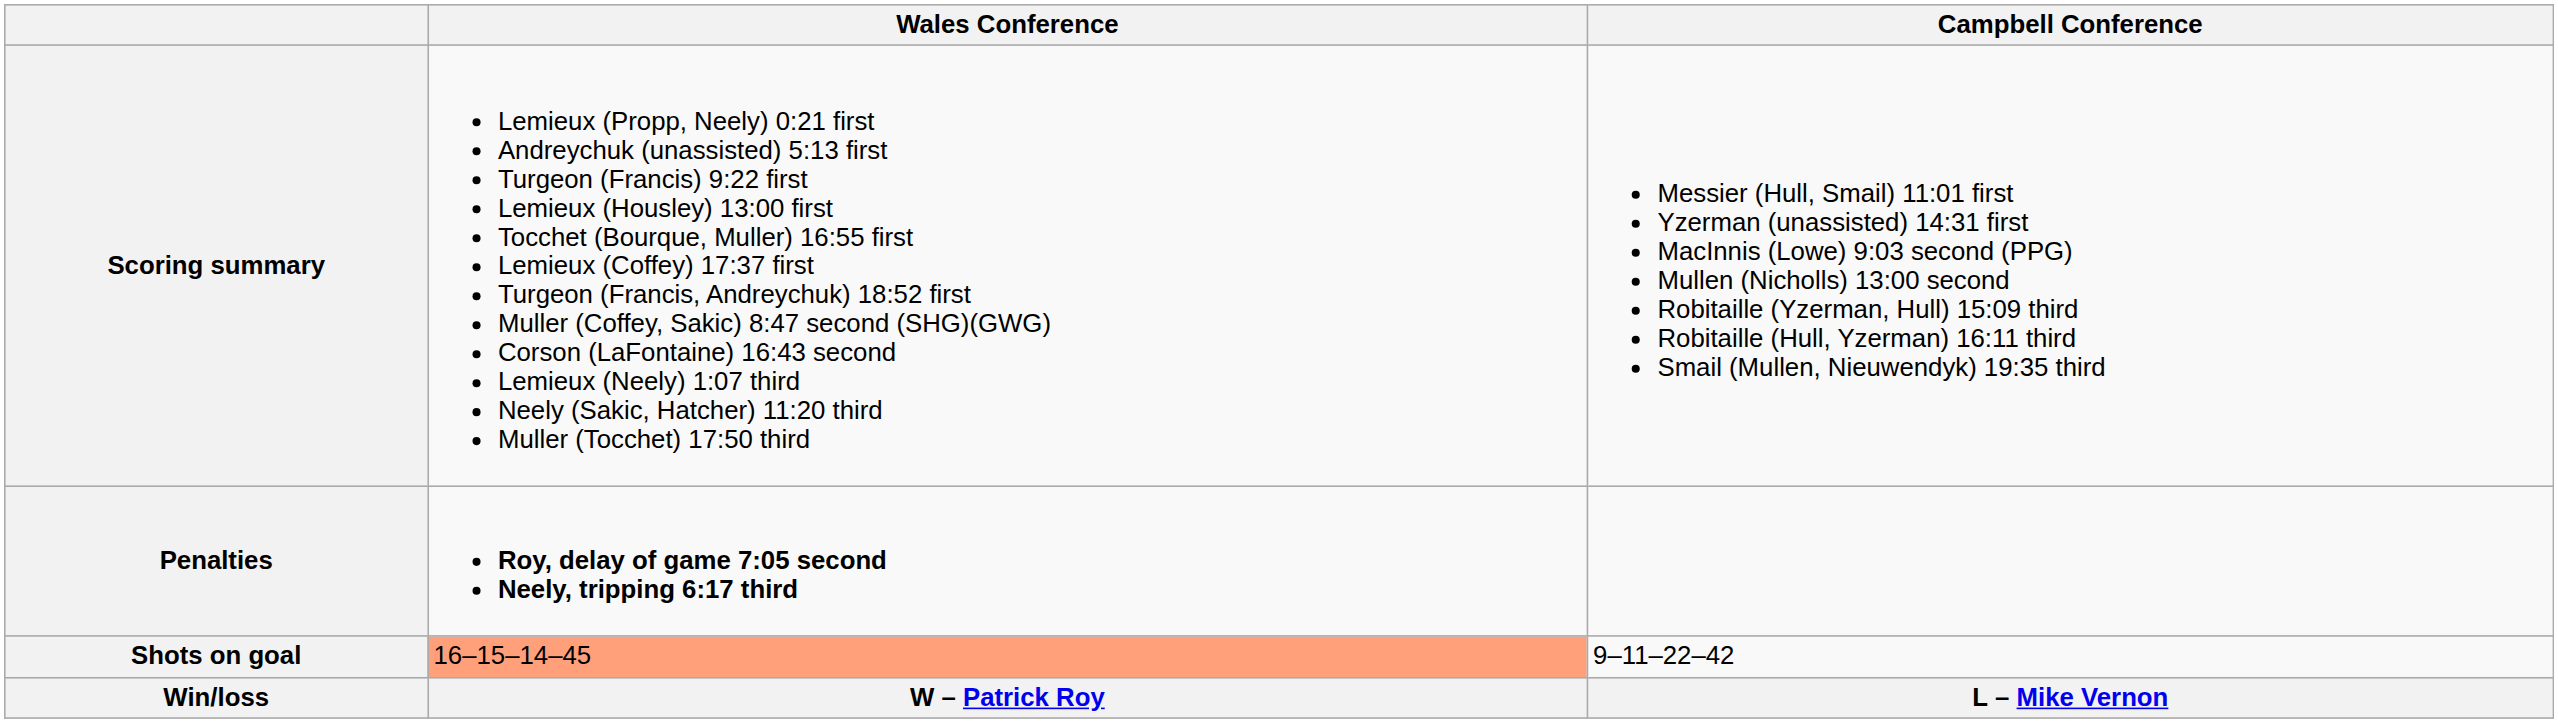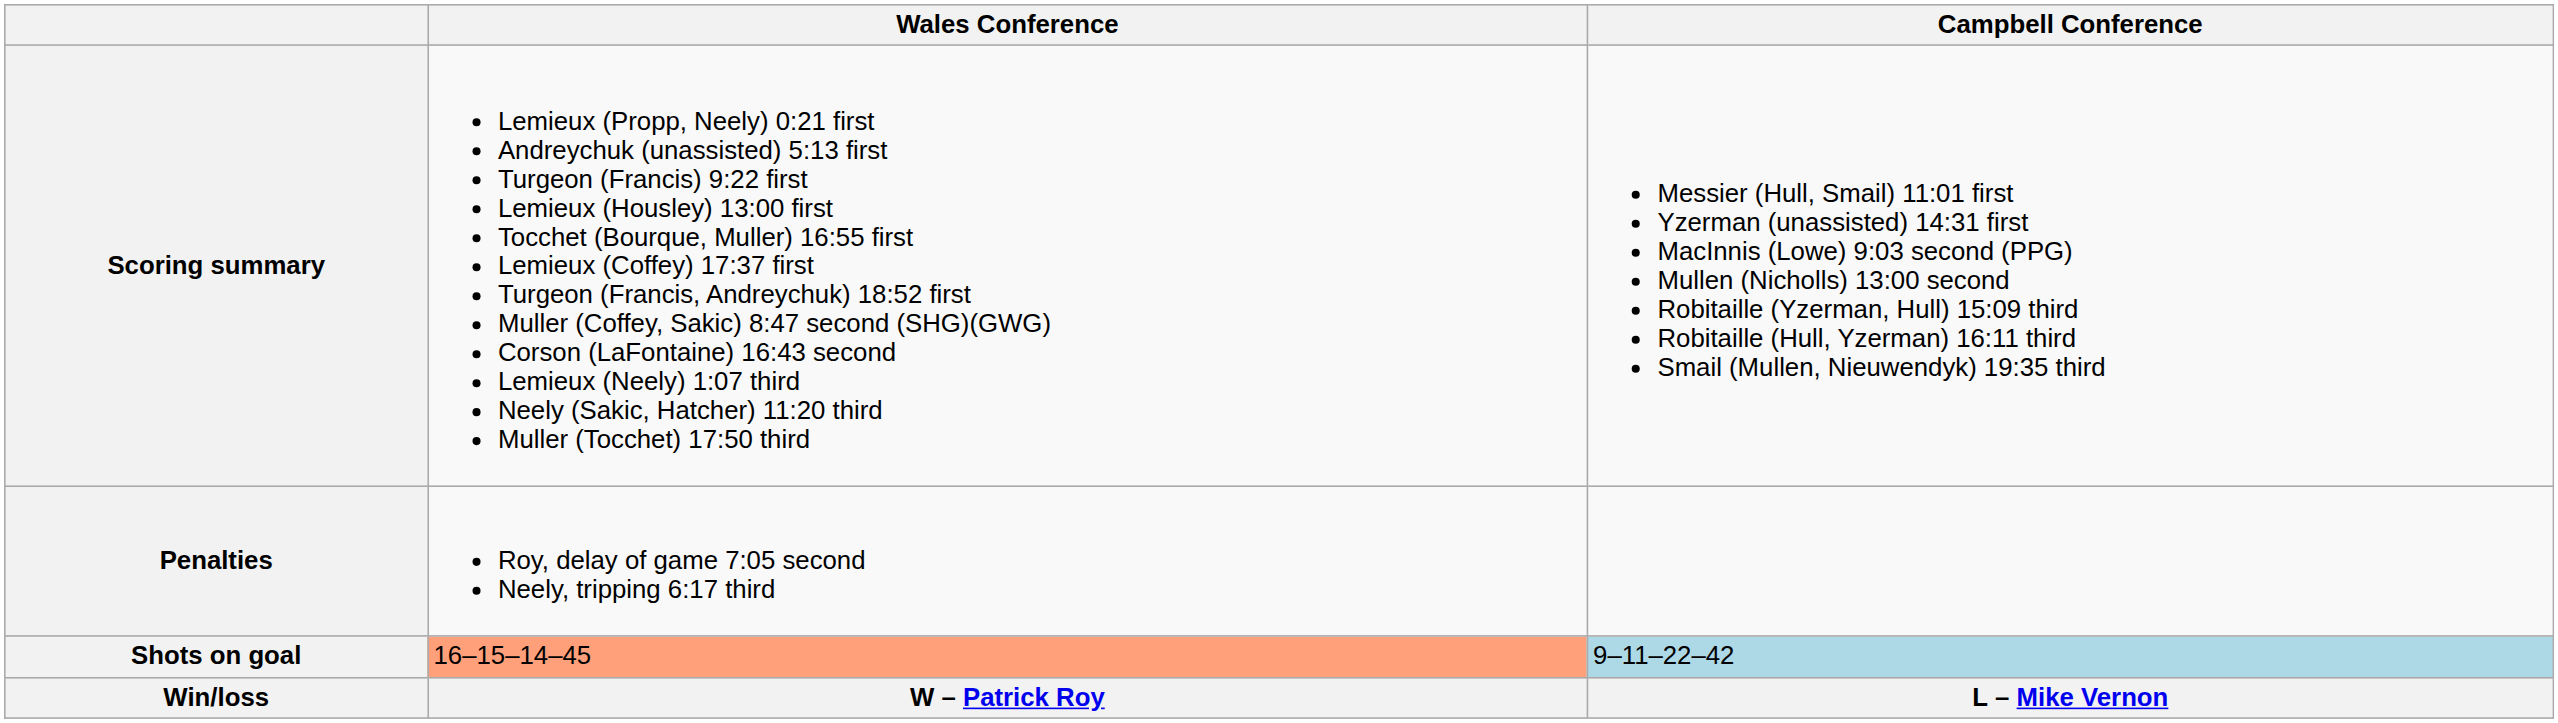 <table class="wikitable" style="width:100%">
 <tr>
 <th></th>
 <th>Wales Conference</th>
 <th>Campbell Conference</th>
 </tr>
 <tr>
 <th>Scoring summary</th>
 <td><br><ul><li>Lemieux (Propp, Neely) 0:21 first</li><li>Andreychuk (unassisted) 5:13 first</li><li>Turgeon (Francis) 9:22 first</li><li>Lemieux (Housley) 13:00 first</li><li>Tocchet (Bourque, Muller) 16:55 first</li><li>Lemieux (Coffey) 17:37 first</li><li>Turgeon (Francis, Andreychuk) 18:52 first</li><li>Muller (Coffey, Sakic) 8:47 second (SHG)(GWG)</li><li>Corson (LaFontaine) 16:43 second</li><li>Lemieux (Neely) 1:07 third</li><li>Neely (Sakic, Hatcher) 11:20 third</li><li>Muller (Tocchet) 17:50 third</li></ul></td>
 <td><br><ul><li>Messier (Hull, Smail) 11:01 first</li><li>Yzerman (unassisted) 14:31 first</li><li>MacInnis (Lowe) 9:03 second (PPG)</li><li>Mullen (Nicholls) 13:00 second</li><li>Robitaille (Yzerman, Hull) 15:09 third</li><li>Robitaille (Hull, Yzerman) 16:11 third</li><li>Smail (Mullen, Nieuwendyk) 19:35 third</li></ul></td>
 </tr>
 <tr>
 <th>Penalties</th>
-<td><strong><br><ul><li>Roy, delay of game 7:05 second</li><li>Neely, tripping 6:17 third</li></ul></strong></td>
+<td><br><ul><li>Roy, delay of game 7:05 second</li><li>Neely, tripping 6:17 third</li></ul></td>
 </tr>
 <tr>
 <th>Shots on goal</th>
 <td style="background: lightsalmon;">16–15–14–45</td>
-<td>9–11–22–42</td>
+<td style="background: lightblue;">9–11–22–42</td>
 </tr>
 <tr>
 <th>Win/loss</th>
 <th><strong>W</strong> – <a href='#'>Patrick Roy</a></th>
 <th><strong>L</strong> – <a href='#'>Mike Vernon</a></th>
 </tr>
 </table>
